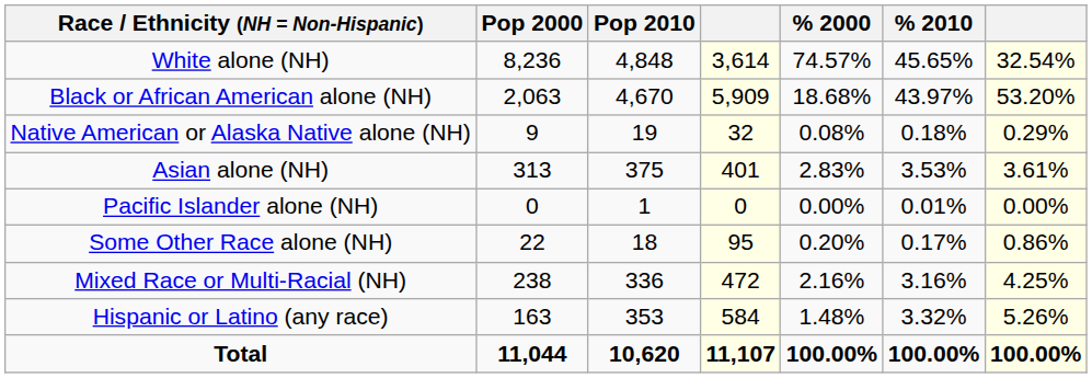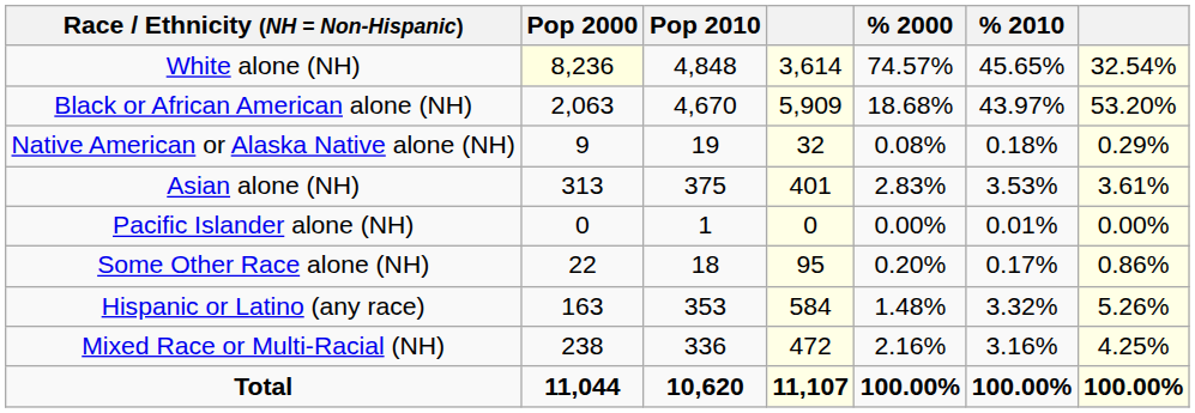 <table class="wikitable"  style="text-align:center;">
 <tr>
 <th>Race / Ethnicity <small>(<em>NH = Non-Hispanic</em>)</small></th>
 <th>Pop 2000</th>
 <th>Pop 2010</th>
 <th></th>
 <th>% 2000</th>
 <th>% 2010</th>
 <th></th>
 </tr>
 <tr>
 <td><a href='#'>White</a> alone (NH)</td>
-<td>8,236</td>
+<td style="background: lightyellow;">8,236</td>
 <td>4,848</td>
 <td style='background: #ffffe6;'>3,614</td>
 <td>74.57%</td>
 <td>45.65%</td>
 <td style='background: #ffffe6;'>32.54%</td>
 </tr>
 <tr>
 <td><a href='#'>Black or African American</a> alone (NH)</td>
 <td>2,063</td>
 <td>4,670</td>
 <td style='background: #ffffe6;'>5,909</td>
 <td>18.68%</td>
 <td>43.97%</td>
 <td style='background: #ffffe6;'>53.20%</td>
 </tr>
 <tr>
 <td><a href='#'>Native American</a> or <a href='#'>Alaska Native</a> alone (NH)</td>
 <td>9</td>
 <td>19</td>
 <td style='background: #ffffe6;'>32</td>
 <td>0.08%</td>
 <td>0.18%</td>
 <td style='background: #ffffe6;'>0.29%</td>
 </tr>
 <tr>
 <td><a href='#'>Asian</a> alone (NH)</td>
 <td>313</td>
 <td>375</td>
 <td style='background: #ffffe6;'>401</td>
 <td>2.83%</td>
 <td>3.53%</td>
 <td style='background: #ffffe6;'>3.61%</td>
 </tr>
 <tr>
 <td><a href='#'>Pacific Islander</a> alone (NH)</td>
 <td>0</td>
 <td>1</td>
 <td style='background: #ffffe6;'>0</td>
 <td>0.00%</td>
 <td>0.01%</td>
 <td style='background: #ffffe6;'>0.00%</td>
 </tr>
 <tr>
 <td><a href='#'>Some Other Race</a> alone (NH)</td>
 <td>22</td>
 <td>18</td>
 <td style='background: #ffffe6;'>95</td>
 <td>0.20%</td>
 <td>0.17%</td>
 <td style='background: #ffffe6;'>0.86%</td>
 </tr>
 <tr>
+<td><a href='#'>Hispanic or Latino</a> (any race)</td>
+<td>163</td>
+<td>353</td>
+<td style='background: #ffffe6;'>584</td>
+<td>1.48%</td>
+<td>3.32%</td>
+<td style='background: #ffffe6;'>5.26%</td>
+</tr>
+<tr>
 <td><a href='#'>Mixed Race or Multi-Racial</a> (NH)</td>
 <td>238</td>
 <td>336</td>
 <td style='background: #ffffe6;'>472</td>
 <td>2.16%</td>
 <td>3.16%</td>
 <td style='background: #ffffe6;'>4.25%</td>
-</tr>
-<tr>
-<td><a href='#'>Hispanic or Latino</a> (any race)</td>
-<td>163</td>
-<td>353</td>
-<td style='background: #ffffe6;'>584</td>
-<td>1.48%</td>
-<td>3.32%</td>
-<td style='background: #ffffe6;'>5.26%</td>
 </tr>
 <tr>
 <td><strong>Total</strong></td>
 <td><strong>11,044</strong></td>
 <td><strong>10,620</strong></td>
 <td style='background: #ffffe6;'><strong>11,107</strong></td>
 <td><strong>100.00%</strong></td>
 <td><strong>100.00%</strong></td>
 <td style='background: #ffffe6;'><strong>100.00%</strong></td>
 </tr>
 </table>
